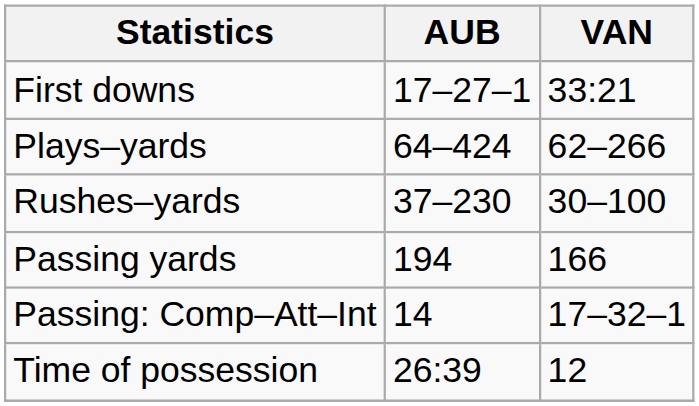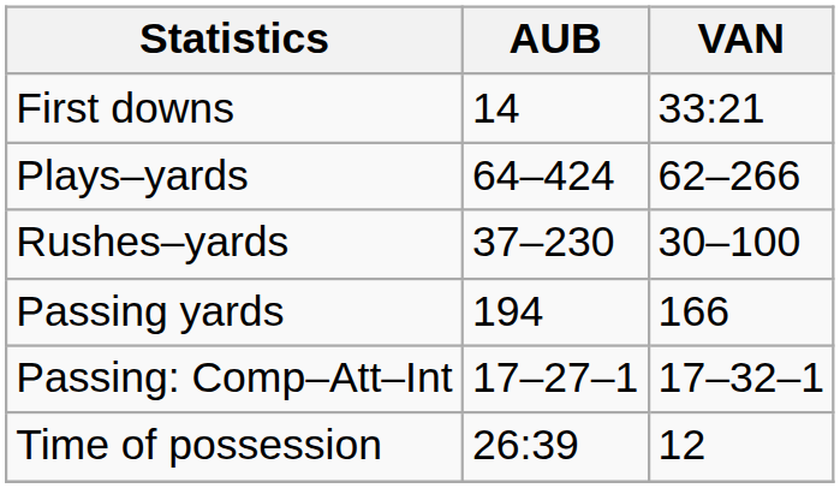 <table class="wikitable" style="float: left;">
 <tr>
 <th>Statistics</th>
 <th>AUB</th>
 <th>VAN</th>
 </tr>
 <tr>
 <td>First downs</td>
-<td>17–27–1</td>
+<td>14</td>
 <td>33:21</td>
 </tr>
 <tr>
 <td>Plays–yards</td>
 <td>64–424</td>
 <td>62–266</td>
 </tr>
 <tr>
 <td>Rushes–yards</td>
 <td>37–230</td>
 <td>30–100</td>
 </tr>
 <tr>
 <td>Passing yards</td>
 <td>194</td>
 <td>166</td>
 </tr>
 <tr>
 <td>Passing: Comp–Att–Int</td>
-<td>14</td>
+<td>17–27–1</td>
 <td>17–32–1</td>
 </tr>
 <tr>
 <td>Time of possession</td>
 <td>26:39</td>
 <td>12</td>
 </tr>
 <tr>
 </tr>
 </table>
